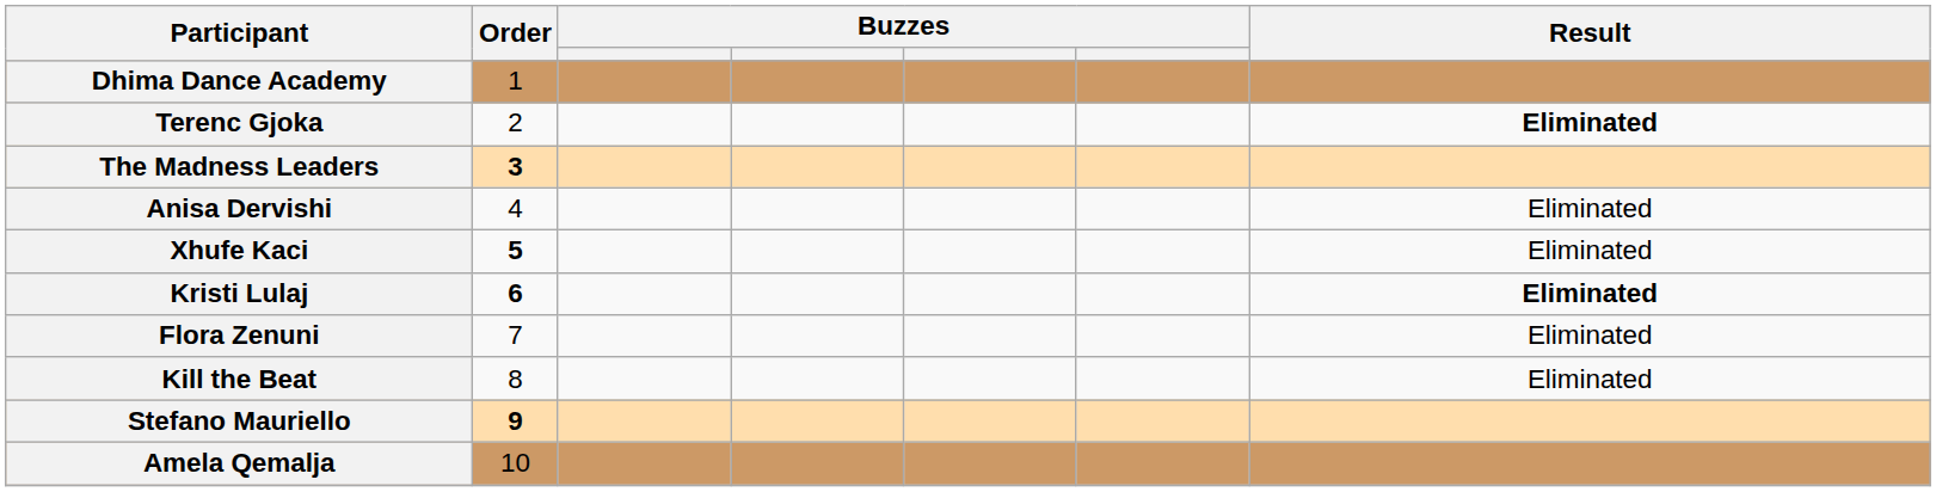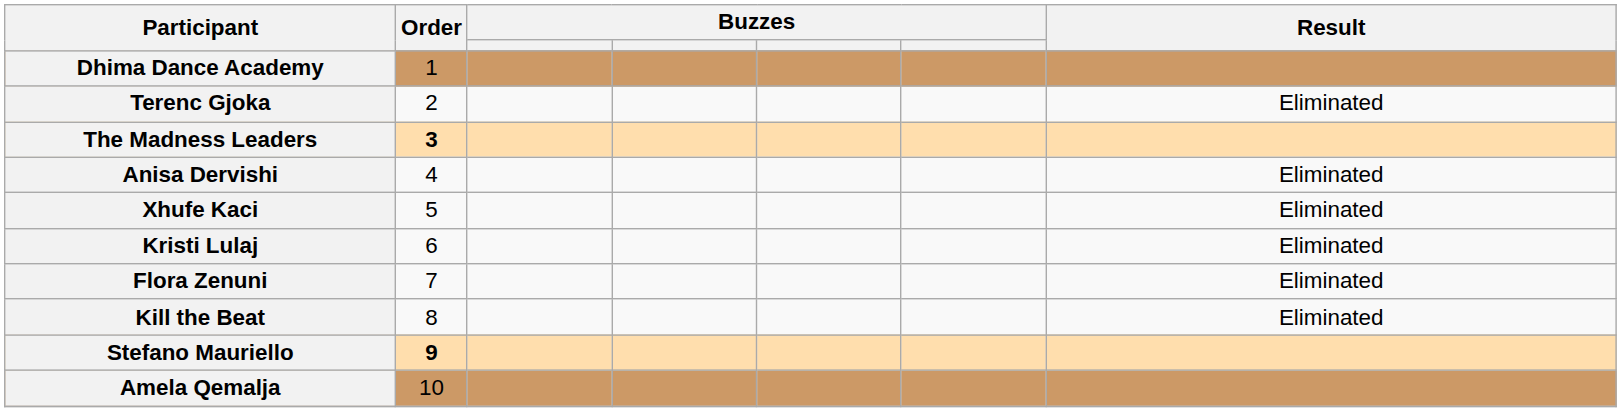 <table class="wikitable plainrowheaders sortable" style="text-align:center;">
 <tr>
 <th scope="col" rowspan="2" class="unsortable" style="width:17em;">Participant</th>
 <th scope="col" rowspan="2" style="width:1em;">Order</th>
 <th scope="col" colspan="4" class="unsortable" style="width:24em;">Buzzes</th>
 <th scope="col" rowspan="2" style="width:25em;">Result</th>
 </tr>
 <tr>
 <th scope="col" class="unsortable" style="width:6em;"></th>
 <th scope="col" class="unsortable" style="width:6em;"></th>
 <th scope="col" class="unsortable" style="width:6em;"></th>
 <th scope="col" class="unsortable" style="width:6em;"></th>
 </tr>
 <tr bgcolor=#c96>
 <th scope="row">Dhima Dance Academy</th>
 <td>1</td>
 <td style="text-align:center;"></td>
 <td style="text-align:center;"></td>
 <td style="text-align:center;"></td>
 <td style="text-align:center;"></td>
 <td></td>
 </tr>
 <tr>
 <th scope="row">Terenc Gjoka</th>
 <td>2</td>
 <td style="text-align:center;"></td>
 <td style="text-align:center;"></td>
 <td style="text-align:center;"></td>
 <td style="text-align:center;"></td>
-<td><strong>Eliminated</strong></td>
+<td>Eliminated</td>
 </tr>
 <tr bgcolor=navajowhite>
 <th scope="row"><strong>The Madness Leaders</strong></th>
 <td><strong>3</strong></td>
 <td style="text-align:center;"></td>
 <td style="text-align:center;"></td>
 <td style="text-align:center;"></td>
 <td style="text-align:center;"></td>
 <td><strong></strong></td>
 </tr>
 <tr>
 <th scope="row">Anisa Dervishi</th>
 <td>4</td>
 <td style="text-align:center;"></td>
 <td style="text-align:center;"></td>
 <td style="text-align:center;"></td>
 <td style="text-align:center;"></td>
 <td>Eliminated</td>
 </tr>
 <tr>
 <th scope="row">Xhufe Kaci</th>
-<td><strong>5</strong></td>
+<td>5</td>
 <td style="text-align:center;"></td>
 <td style="text-align:center;"></td>
 <td style="text-align:center;"></td>
 <td style="text-align:center;"></td>
 <td>Eliminated</td>
 </tr>
 <tr>
 <th scope="row">Kristi Lulaj</th>
-<td><strong>6</strong></td>
+<td>6</td>
 <td style="text-align:center;"></td>
 <td style="text-align:center;"></td>
 <td style="text-align:center;"></td>
 <td style="text-align:center;"></td>
-<td><strong>Eliminated</strong></td>
+<td>Eliminated</td>
 </tr>
 <tr>
 <th scope="row">Flora Zenuni</th>
 <td>7</td>
 <td style="text-align:center;"></td>
 <td style="text-align:center;"></td>
 <td style="text-align:center;"></td>
 <td style="text-align:center;"></td>
 <td>Eliminated</td>
 </tr>
 <tr>
 <th scope="row">Kill the Beat</th>
 <td>8</td>
 <td style="text-align:center;"></td>
 <td style="text-align:center;"></td>
 <td style="text-align:center;"></td>
 <td style="text-align:center;"></td>
 <td>Eliminated</td>
 </tr>
 <tr bgcolor=navajowhite>
 <th scope="row"><strong>Stefano Mauriello</strong></th>
 <td><strong>9</strong></td>
 <td style="text-align:center;"></td>
 <td style="text-align:center;"></td>
 <td style="text-align:center;"></td>
 <td style="text-align:center;"></td>
 <td><strong></strong></td>
 </tr>
 <tr bgcolor=#c96>
 <th scope="row">Amela Qemalja</th>
 <td>10</td>
 <td style="text-align:center;"></td>
 <td style="text-align:center;"></td>
 <td style="text-align:center;"></td>
 <td style="text-align:center;"></td>
 <td></td>
 </tr>
 <tr>
 </tr>
 </table>
